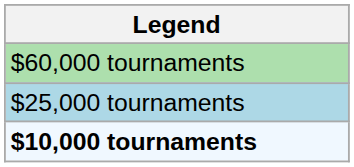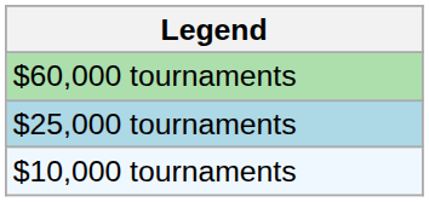 <table class="wikitable" style="font-size:85%;" width=15%>
 <tr>
 <th>Legend</th>
 </tr>
 <tr style="background:#addfad;">
 <td>$60,000 tournaments</td>
 </tr>
 <tr style="background:lightblue;">
 <td>$25,000 tournaments</td>
 </tr>
 <tr style="background:#f0f8ff;">
-<td><strong>$10,000 tournaments</strong></td>
+<td>$10,000 tournaments</td>
 </tr>
 </table>
